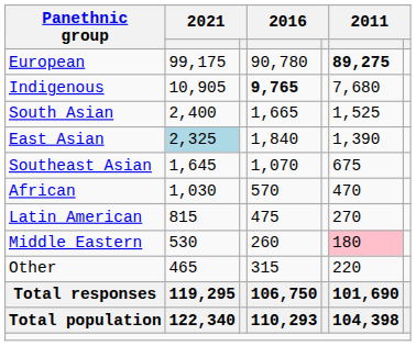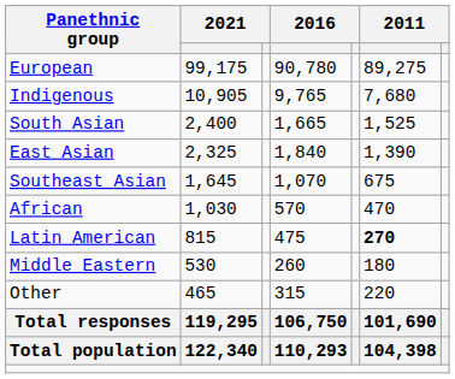 <table class="wikitable collapsible sortable">
 <tr>
 <th rowspan="2"><a href='#'>Panethnic</a><br>group</th>
 <th colspan="2">2021</th>
 <th colspan="2">2016</th>
 <th colspan="2">2011</th>
 </tr>
 <tr>
 <th><a href='#'></a></th>
 <th></th>
 <th></th>
 <th></th>
 <th></th>
 <th></th>
 </tr>
 <tr>
 <td><a href='#'>European</a></td>
 <td>99,175</td>
 <td></td>
 <td>90,780</td>
 <td></td>
-<td><strong>89,275</strong></td>
+<td>89,275</td>
 <td></td>
 </tr>
 <tr>
 <td><a href='#'>Indigenous</a></td>
 <td>10,905</td>
 <td></td>
-<td><strong>9,765</strong></td>
+<td>9,765</td>
 <td></td>
 <td>7,680</td>
 <td></td>
 </tr>
 <tr>
 <td><a href='#'>South Asian</a></td>
 <td>2,400</td>
 <td></td>
 <td>1,665</td>
 <td></td>
 <td>1,525</td>
 <td></td>
 </tr>
 <tr>
 <td><a href='#'>East Asian</a></td>
-<td style="background: lightblue;">2,325</td>
+<td>2,325</td>
 <td></td>
 <td>1,840</td>
 <td></td>
 <td>1,390</td>
 <td></td>
 </tr>
 <tr>
 <td><a href='#'>Southeast Asian</a></td>
 <td>1,645</td>
 <td></td>
 <td>1,070</td>
 <td></td>
 <td>675</td>
 <td></td>
 </tr>
 <tr>
 <td><a href='#'>African</a></td>
 <td>1,030</td>
 <td></td>
 <td>570</td>
 <td></td>
 <td>470</td>
 <td></td>
 </tr>
 <tr>
 <td><a href='#'>Latin American</a></td>
 <td>815</td>
 <td></td>
 <td>475</td>
 <td></td>
-<td>270</td>
+<td><strong>270</strong></td>
 <td></td>
 </tr>
 <tr>
 <td><a href='#'>Middle Eastern</a></td>
 <td>530</td>
 <td></td>
 <td>260</td>
 <td></td>
-<td style="background: pink;">180</td>
+<td>180</td>
 <td></td>
 </tr>
 <tr>
 <td>Other</td>
 <td>465</td>
 <td></td>
 <td>315</td>
 <td></td>
 <td>220</td>
 <td></td>
 </tr>
 <tr>
 <th>Total responses</th>
 <th>119,295</th>
 <th></th>
 <th>106,750</th>
 <th></th>
 <th>101,690</th>
 <th></th>
 </tr>
 <tr>
 <th>Total population</th>
 <th>122,340</th>
 <th></th>
 <th>110,293</th>
 <th></th>
 <th>104,398</th>
 <th></th>
 </tr>
 <tr class="sortbottom">
 <td colspan="15"></td>
 </tr>
 </table>
